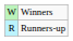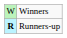 <table class=wikitable style=text-align:center;font-size:85%>
 <tr>
 <td bgcolor=#BBF3BB>W</td>
 <td align=left>Winners</td>
 </tr>
 <tr>
-<td bgcolor=#BBF3FF>R</td>
+<td bgcolor=#BBF3FF><strong>R</strong></td>
 <td align=left>Runners-up</td>
 </tr>
 </table>
